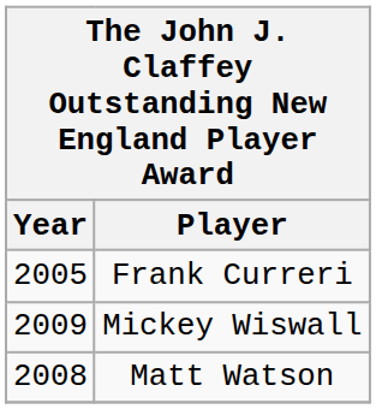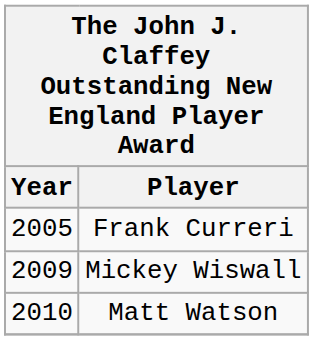 <table class="wikitable" style="display: inline-table; margin-right: 20px; text-align:center">
 <tr>
 <th scope="col" colspan="2" style="width: 145px;">The John J. Claffey Outstanding New England Player Award</th>
 </tr>
 <tr>
 <th scope="col">Year</th>
 <th scope="col">Player</th>
 </tr>
 <tr>
 <td>2005</td>
 <td>Frank Curreri</td>
 </tr>
 <tr>
 <td>2009</td>
 <td>Mickey Wiswall</td>
 </tr>
 <tr>
-<td>2008</td>
+<td>2010</td>
 <td>Matt Watson</td>
 </tr>
 <tr>
 </tr>
 </table>
